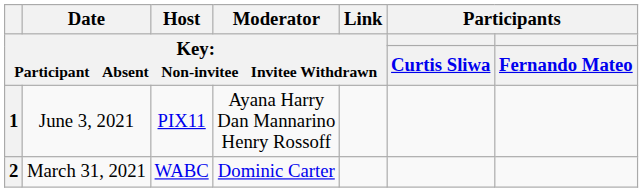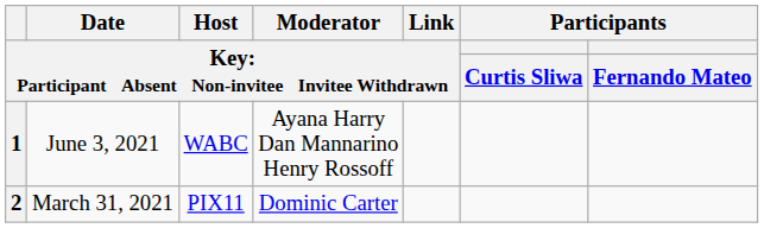 <table class="wikitable" style="text-align:center;">
 <tr>
 <th scope="col"></th>
 <th scope="col">Date</th>
 <th scope="col">Host</th>
 <th scope="col">Moderator</th>
 <th scope="col">Link</th>
 <th scope="col" colspan="10">Participants</th>
 </tr>
 <tr>
 <th colspan="5" rowspan="2">Key:<br> <small>Participant  </small>  <small>Absent  </small>  <small>Non-invitee  </small>  <small>Invitee  Withdrawn</small></th>
 <th scope="col" style="background:"></th>
 <th scope="col" style="background:"></th>
 </tr>
 <tr>
 <th scope="col"><a href='#'>Curtis Sliwa</a></th>
 <th scope="col"><a href='#'>Fernando Mateo</a></th>
 </tr>
 <tr>
 <th scope="row">1</th>
 <td style="white-space:nowrap;">June 3, 2021</td>
-<td style="white-space:nowrap;"><a href='#'>PIX11</a></td>
+<td style="white-space:nowrap;"><a href='#'>WABC</a></td>
 <td style="white-space:nowrap;">Ayana Harry<br>Dan Mannarino<br>Henry Rossoff</td>
 <td style="white-space:nowrap;"></td>
 <td></td>
 <td></td>
 </tr>
 <tr>
 <th scope="row">2</th>
 <td style="white-space:nowrap;">March 31, 2021</td>
-<td style="white-space:nowrap;"><a href='#'>WABC</a></td>
+<td style="white-space:nowrap;"><a href='#'>PIX11</a></td>
 <td style="white-space:nowrap;"><a href='#'>Dominic Carter</a></td>
 <td style="white-space:nowrap;"></td>
 <td></td>
 <td></td>
 </tr>
 </table>
